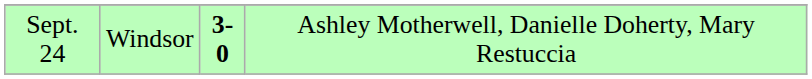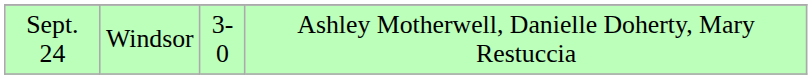 <table class="wikitable" width="80%">
 <tr align="center">
 </tr>
 <tr align="center" bgcolor="bbffbb">
 <td>Sept. 24</td>
 <td>Windsor</td>
-<td><strong>3-0</strong></td>
+<td>3-0</td>
 <td>Ashley Motherwell, Danielle Doherty, Mary Restuccia</td>
 </tr>
 </table>
